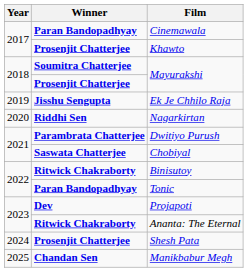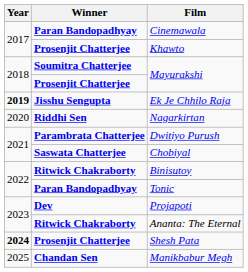 <table class="wikitable">
 <tr>
 <th>Year</th>
 <th><strong>Winner</strong></th>
 <th>Film</th>
 </tr>
 <tr>
 <td rowspan="2">2017</td>
 <td><strong><a href='#'>Paran Bandopadhyay</a></strong></td>
 <td><em><a href='#'>Cinemawala</a></em></td>
 </tr>
 <tr>
 <td><strong><a href='#'>Prosenjit Chatterjee</a></strong></td>
 <td><em><a href='#'>Khawto</a></em></td>
 </tr>
 <tr>
 <td rowspan="2">2018</td>
 <td><strong><a href='#'>Soumitra Chatterjee</a></strong></td>
 <td rowspan="2"><em><a href='#'>Mayurakshi</a></em></td>
 </tr>
 <tr>
 <td><strong><a href='#'>Prosenjit Chatterjee</a></strong></td>
 </tr>
 <tr>
-<td>2019</td>
+<td><strong>2019</strong></td>
 <td><strong><a href='#'>Jisshu Sengupta</a></strong></td>
 <td><em><a href='#'>Ek Je Chhilo Raja</a></em></td>
 </tr>
 <tr>
 <td>2020</td>
 <td><strong><a href='#'>Riddhi Sen</a></strong></td>
 <td><em><a href='#'>Nagarkirtan</a></em></td>
 </tr>
 <tr>
 <td rowspan="2">2021</td>
 <td><strong><a href='#'>Parambrata Chatterjee</a></strong></td>
 <td><em><a href='#'>Dwitiyo Purush</a> </em></td>
 </tr>
 <tr>
 <td><strong><a href='#'>Saswata Chatterjee</a></strong></td>
 <td><em><a href='#'>Chobiyal</a></em></td>
 </tr>
 <tr>
 <td rowspan="2">2022</td>
 <td><strong><a href='#'>Ritwick Chakraborty</a></strong></td>
 <td><em><a href='#'>Binisutoy</a></em></td>
 </tr>
 <tr>
 <td><strong><a href='#'>Paran Bandopadhyay</a></strong></td>
 <td><em><a href='#'>Tonic</a></em></td>
 </tr>
 <tr>
 <td rowspan="2">2023</td>
 <td><strong><a href='#'>Dev</a></strong></td>
 <td><em><a href='#'>Projapoti</a></em></td>
 </tr>
 <tr>
 <td><strong><a href='#'>Ritwick Chakraborty</a></strong></td>
 <td><em>Ananta: The Eternal</em></td>
 </tr>
 <tr>
-<td>2024</td>
+<td><strong>2024</strong></td>
 <td><strong><a href='#'>Prosenjit Chatterjee</a></strong></td>
 <td><em><a href='#'>Shesh Pata</a></em></td>
 </tr>
 <tr>
 <td>2025</td>
 <td><strong><a href='#'>Chandan Sen</a></strong></td>
 <td><em><a href='#'>Manikbabur Megh</a></em></td>
 </tr>
 </table>
